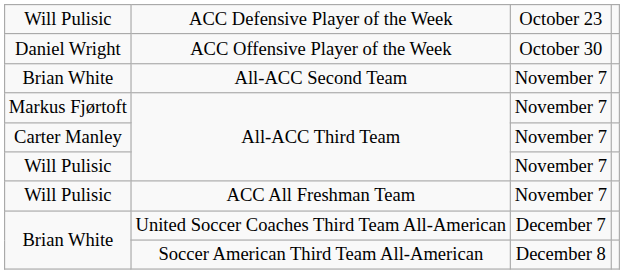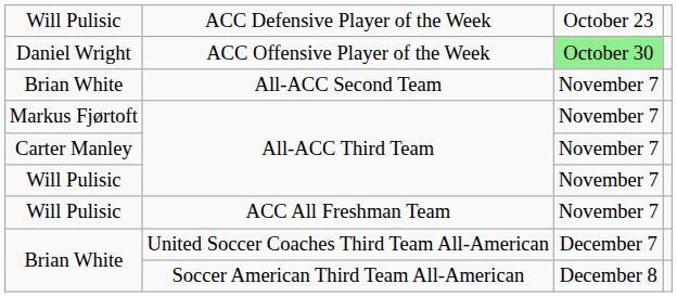 <table class="wikitable sortable" style="text-align: center">
 <tr>
 <td>Will Pulisic</td>
 <td>ACC Defensive Player of the Week</td>
 <td>October 23</td>
 <td></td>
 </tr>
 <tr>
 <td>Daniel Wright</td>
 <td>ACC Offensive Player of the Week</td>
-<td>October 30</td>
+<td style="background: lightgreen;">October 30</td>
 <td></td>
 </tr>
 <tr>
 <td>Brian White</td>
 <td>All-ACC Second Team</td>
 <td>November 7</td>
 <td></td>
 </tr>
 <tr>
 <td>Markus Fjørtoft</td>
 <td rowspan="3">All-ACC Third Team</td>
 <td>November 7</td>
 <td></td>
 </tr>
 <tr>
 <td>Carter Manley</td>
 <td>November 7</td>
 <td></td>
 </tr>
 <tr>
 <td>Will Pulisic</td>
 <td>November 7</td>
 <td></td>
 </tr>
 <tr>
 <td>Will Pulisic</td>
 <td>ACC All Freshman Team</td>
 <td>November 7</td>
 <td></td>
 </tr>
 <tr>
 <td rowspan="2">Brian White</td>
 <td>United Soccer Coaches Third Team All-American</td>
 <td>December 7</td>
 <td></td>
 </tr>
 <tr>
 <td>Soccer American Third Team All-American</td>
 <td>December 8</td>
 <td></td>
 </tr>
 </table>
